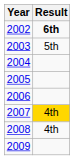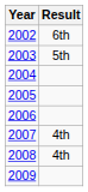 <table class="wikitable" style="text-align:center">
 <tr>
 <th>Year</th>
 <th>Result</th>
 </tr>
 <tr>
 <td><a href='#'>2002</a></td>
-<td><strong>6th</strong></td>
+<td>6th</td>
 </tr>
 <tr>
 <td><a href='#'>2003</a></td>
 <td>5th</td>
 </tr>
 <tr>
 <td><a href='#'>2004</a></td>
 <td></td>
 </tr>
 <tr>
 <td><a href='#'>2005</a></td>
 <td></td>
 </tr>
 <tr>
 <td><a href='#'>2006</a></td>
 <td></td>
 </tr>
 <tr>
 <td><a href='#'>2007</a></td>
-<td style="background: gold;">4th</td>
+<td>4th</td>
 </tr>
 <tr>
 <td><a href='#'>2008</a></td>
 <td>4th</td>
 </tr>
 <tr>
 <td><a href='#'>2009</a></td>
 <td></td>
 </tr>
 </table>
